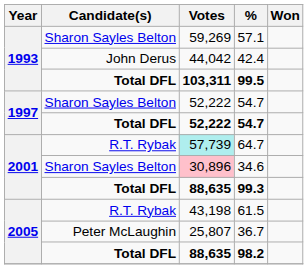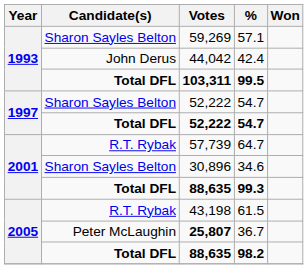 <table class="wikitable sortable" style="font-size: 90%;text-align:right;">
 <tr>
 <th>Year</th>
 <th>Candidate(s)</th>
 <th>Votes</th>
 <th>%</th>
 <th>Won</th>
 </tr>
 <tr>
 <th rowspan="3"><a href='#'>1993</a></th>
 <td><a href='#'>Sharon Sayles Belton</a></td>
 <td>59,269</td>
 <td>57.1</td>
 <td></td>
 </tr>
 <tr>
 <td>John Derus</td>
 <td>44,042</td>
 <td>42.4</td>
 <td></td>
 </tr>
 <tr>
 <td><strong>Total DFL</strong></td>
 <td><strong>103,311</strong></td>
 <td><strong>99.5</strong></td>
 <td></td>
 </tr>
 <tr>
 <th rowspan="2"><a href='#'>1997</a></th>
 <td><a href='#'>Sharon Sayles Belton</a></td>
 <td>52,222</td>
 <td>54.7</td>
 <td></td>
 </tr>
 <tr>
 <td><strong>Total DFL</strong></td>
 <td><strong>52,222</strong></td>
 <td><strong>54.7</strong></td>
 <td></td>
 </tr>
 <tr>
 <th rowspan="3"><a href='#'>2001</a></th>
 <td><a href='#'>R.T. Rybak</a></td>
-<td style="background: paleturquoise;">57,739</td>
+<td>57,739</td>
 <td>64.7</td>
 <td></td>
 </tr>
 <tr>
 <td><a href='#'>Sharon Sayles Belton</a></td>
-<td style="background: pink;">30,896</td>
+<td>30,896</td>
 <td>34.6</td>
 <td></td>
 </tr>
 <tr>
 <td><strong>Total DFL</strong></td>
 <td><strong>88,635</strong></td>
 <td><strong>99.3</strong></td>
 <td></td>
 </tr>
 <tr>
 <th rowspan="3"><a href='#'>2005</a></th>
 <td><a href='#'>R.T. Rybak</a></td>
 <td>43,198</td>
 <td>61.5</td>
 <td></td>
 </tr>
 <tr>
 <td>Peter McLaughin</td>
-<td>25,807</td>
+<td><strong>25,807</strong></td>
 <td>36.7</td>
 <td></td>
 </tr>
 <tr>
 <td><strong>Total DFL</strong></td>
 <td><strong>88,635</strong></td>
 <td><strong>98.2</strong></td>
 <td></td>
 </tr>
 <tr>
 </tr>
 </table>
